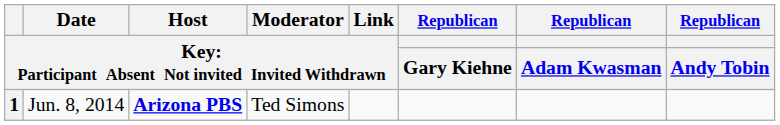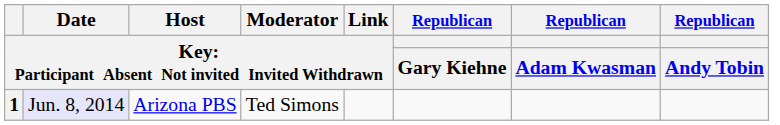 <table class="wikitable" style="text-align:center;">
 <tr>
 <th scope="col"></th>
 <th scope="col">Date</th>
 <th scope="col">Host</th>
 <th scope="col">Moderator</th>
 <th scope="col">Link</th>
 <th scope="col"><small><a href='#'>Republican</a></small></th>
 <th scope="col"><small><a href='#'>Republican</a></small></th>
 <th scope="col"><small><a href='#'>Republican</a></small></th>
 </tr>
 <tr>
 <th colspan="5" rowspan="2">Key:<br> <small>Participant </small>  <small>Absent </small>  <small>Not invited </small>  <small>Invited  Withdrawn</small></th>
 <th scope="col" style="background:"></th>
 <th scope="col" style="background:"></th>
 <th scope="col" style="background:"></th>
 </tr>
 <tr>
 <th scope="col">Gary Kiehne</th>
 <th scope="col"><a href='#'>Adam Kwasman</a></th>
 <th scope="col"><a href='#'>Andy Tobin</a></th>
 </tr>
 <tr>
 <th>1</th>
-<td style="white-space:nowrap;">Jun. 8, 2014</td>
-<td style="white-space:nowrap;"><strong><a href='#'>Arizona PBS</a></strong></td>
+<td style="background: lavender; white-space:nowrap;">Jun. 8, 2014</td>
+<td style="white-space:nowrap;"><a href='#'>Arizona PBS</a></td>
 <td style="white-space:nowrap;">Ted Simons</td>
 <td style="white-space:nowrap;"></td>
 <td></td>
 <td></td>
 <td></td>
 </tr>
 </table>
